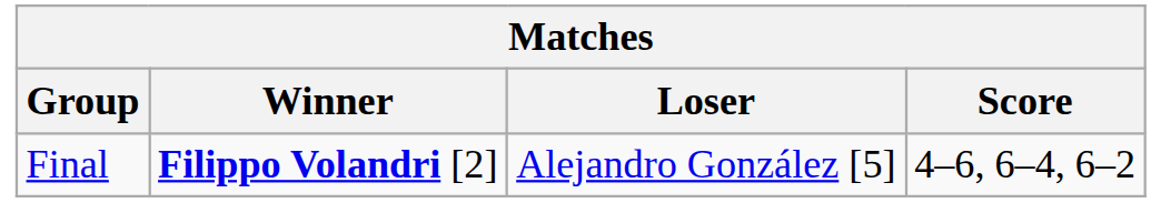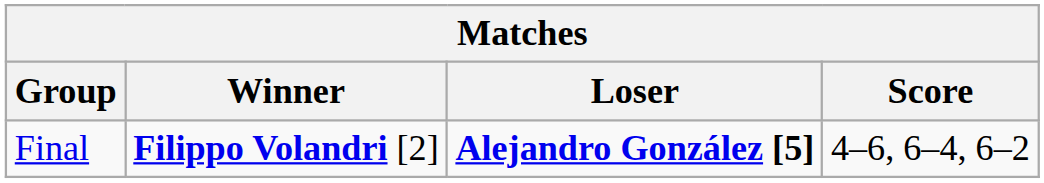 <table class="wikitable collapsible uncollapsed" border=1 style="margin:1em auto;">
 <tr>
 <th colspan=4><strong>Matches</strong></th>
 </tr>
 <tr>
 <th>Group</th>
 <th>Winner</th>
 <th>Loser</th>
 <th>Score</th>
 </tr>
 <tr>
 <td><a href='#'>Final</a></td>
 <td> <strong><a href='#'>Filippo Volandri</a></strong> [2]</td>
-<td> <a href='#'>Alejandro González</a> [5]</td>
+<td><strong> <a href='#'>Alejandro González</a> [5]</strong></td>
 <td>4–6, 6–4, 6–2</td>
 </tr>
 </table>
